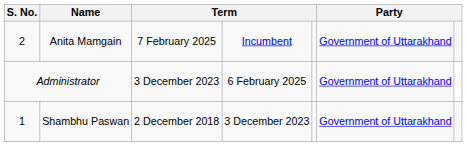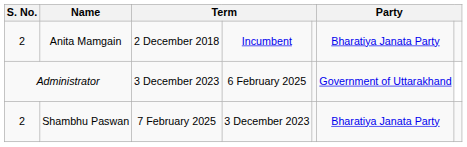 <table class="wikitable sortable">
 <tr>
 <th scope="col">S. No.</th>
 <th colspan=1>Name</th>
 <th colspan=3>Term</th>
 <th colspan=2>Party</th>
 </tr>
 <tr style="text-align:center; height:60px;">
 <td>2</td>
 <td>Anita Mamgain</td>
-<td>7 February 2025</td>
+<td>2 December 2018</td>
 <td><a href='#'>Incumbent</a></td>
 <td></td>
-<td><a href='#'>Government of Uttarakhand</a></td>
+<td><a href='#'>Bharatiya Janata Party</a></td>
 <td width="4px" style="background-color: "></td>
 </tr>
 <tr style="text-align:center; height:60px;">
 <td colspan=2><em>Administrator</em></td>
 <td>3 December 2023</td>
 <td>6 February 2025</td>
 <td></td>
 <td><a href='#'>Government of Uttarakhand</a></td>
 <td style="background-color: white"></td>
 </tr>
 <tr style="text-align:center; height:60px;">
-<td>1</td>
+<td>2</td>
 <td>Shambhu Paswan</td>
-<td>2 December 2018</td>
+<td>7 February 2025</td>
 <td>3 December 2023</td>
 <td></td>
-<td><a href='#'>Government of Uttarakhand</a></td>
+<td><a href='#'>Bharatiya Janata Party</a></td>
 <td width="4px" style="background-color: "></td>
 </tr>
 </table>
